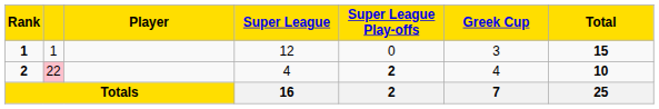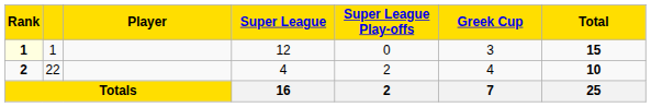 <table class="wikitable sortable" style="text-align:center">
 <tr>
 <th style="background:#FFDE00">Rank</th>
 <th style="background:#FFDE00"></th>
 <th width=200 style="background:#FFDE00">Player</th>
 <th width=120 style="background:#FFDE00"><a href='#'>Super League</a></th>
 <th width=120 style="background:#FFDE00"><a href='#'>Super League Play-offs</a></th>
 <th width=120 style="background:#FFDE00"><a href='#'>Greek Cup</a></th>
 <th width=120 style="background:#FFDE00">Total</th>
 </tr>
 <tr>
-<td><strong>1</strong></td>
+<td style="background: lightyellow;"><strong>1</strong></td>
 <td>1</td>
 <td align=left></td>
 <td>12</td>
 <td>0</td>
 <td>3</td>
 <td><strong>15</strong></td>
 </tr>
 <tr>
 <td><strong>2</strong></td>
-<td style="background: pink;">22</td>
+<td>22</td>
 <td align=left></td>
 <td>4</td>
-<td><strong>2</strong></td>
+<td>2</td>
 <td>4</td>
 <td><strong>10</strong></td>
 </tr>
 <tr class="sortbottom">
 <th colspan=3 style="background:#FFDE00"><strong>Totals</strong></th>
 <th><strong>16</strong></th>
 <th><strong> 2</strong></th>
 <th><strong> 7</strong></th>
 <th><strong>25</strong></th>
 </tr>
 </table>
